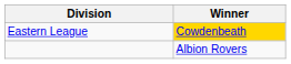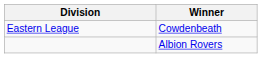 <table class="wikitable">
 <tr>
 <th width=230>Division</th>
 <th width=150>Winner</th>
 </tr>
 <tr>
 <td><a href='#'>Eastern League</a></td>
-<td style="background: gold;"><a href='#'>Cowdenbeath</a></td>
+<td><a href='#'>Cowdenbeath</a></td>
 </tr>
 <tr>
 <td></td>
 <td><a href='#'>Albion Rovers</a></td>
 </tr>
 </table>
